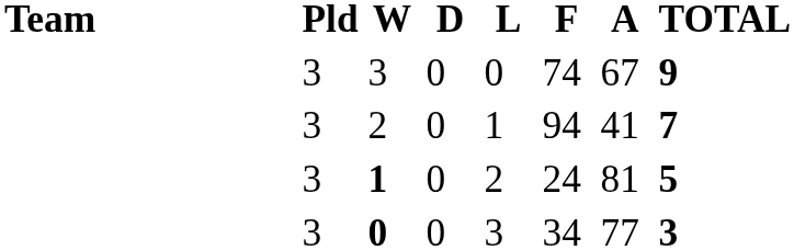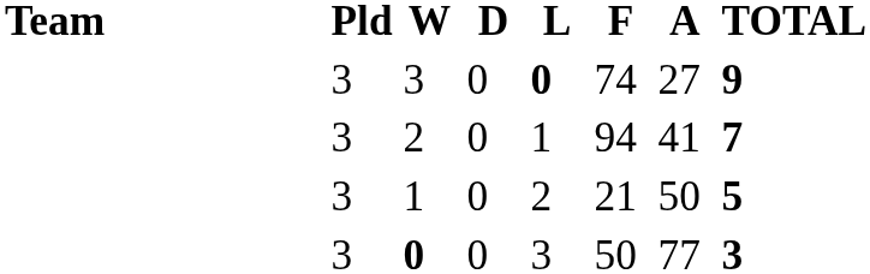 <table>
 <tr>
 <td><br></td>
 </tr>
 <tr border=1 cellpadding=5 cellspacing=0>
 <th width="200">Team</th>
 <th width="20">Pld</th>
 <th width="20">W</th>
 <th width="20">D</th>
 <th width="20">L</th>
 <th width="20">F</th>
 <th width="20">A</th>
 <th width="20">TOTAL</th>
 </tr>
 <tr>
 <td align=left></td>
 <td>3</td>
 <td>3</td>
 <td>0</td>
-<td>0</td>
+<td><strong>0</strong></td>
 <td>74</td>
-<td>67</td>
+<td>27</td>
 <td><strong>9</strong></td>
 </tr>
 <tr>
 <td align=left></td>
 <td>3</td>
 <td>2</td>
 <td>0</td>
 <td>1</td>
 <td>94</td>
 <td>41</td>
 <td><strong>7</strong></td>
 </tr>
 <tr>
 <td align=left></td>
 <td>3</td>
-<td><strong>1</strong></td>
+<td>1</td>
 <td>0</td>
 <td>2</td>
-<td>24</td>
-<td>81</td>
+<td>21</td>
+<td>50</td>
 <td><strong>5</strong></td>
 </tr>
 <tr>
 <td align=left></td>
 <td>3</td>
 <td><strong>0</strong></td>
 <td>0</td>
 <td>3</td>
-<td>34</td>
+<td>50</td>
 <td>77</td>
 <td><strong>3</strong></td>
 </tr>
 </table>
